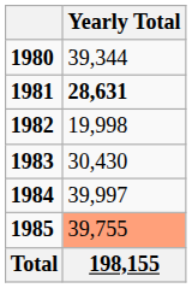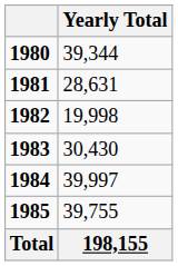 <table class="wikitable">
 <tr>
 <th></th>
 <th>Yearly Total</th>
 </tr>
 <tr>
 <td><strong>1980</strong></td>
 <td>39,344</td>
 </tr>
 <tr>
 <td><strong>1981</strong></td>
-<td><strong>28,631</strong></td>
+<td>28,631</td>
 </tr>
 <tr>
 <td><strong>1982</strong></td>
 <td>19,998</td>
 </tr>
 <tr>
 <td><strong>1983</strong></td>
 <td>30,430</td>
 </tr>
 <tr>
 <td><strong>1984</strong></td>
 <td>39,997</td>
 </tr>
 <tr>
 <td><strong>1985</strong></td>
-<td style="background: lightsalmon;">39,755</td>
+<td>39,755</td>
 </tr>
 <tr>
 <th>Total</th>
 <th><u>198,155</u></th>
 </tr>
 </table>
